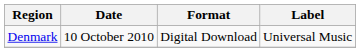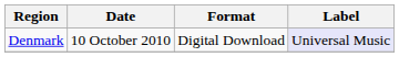 <table class=wikitable>
 <tr>
 <th>Region</th>
 <th>Date</th>
 <th>Format</th>
 <th>Label</th>
 </tr>
 <tr>
 <td><a href='#'>Denmark</a></td>
 <td>10 October 2010</td>
 <td>Digital Download</td>
-<td>Universal Music</td>
+<td style="background: lavender;">Universal Music</td>
 </tr>
 <tr>
 </tr>
 </table>
